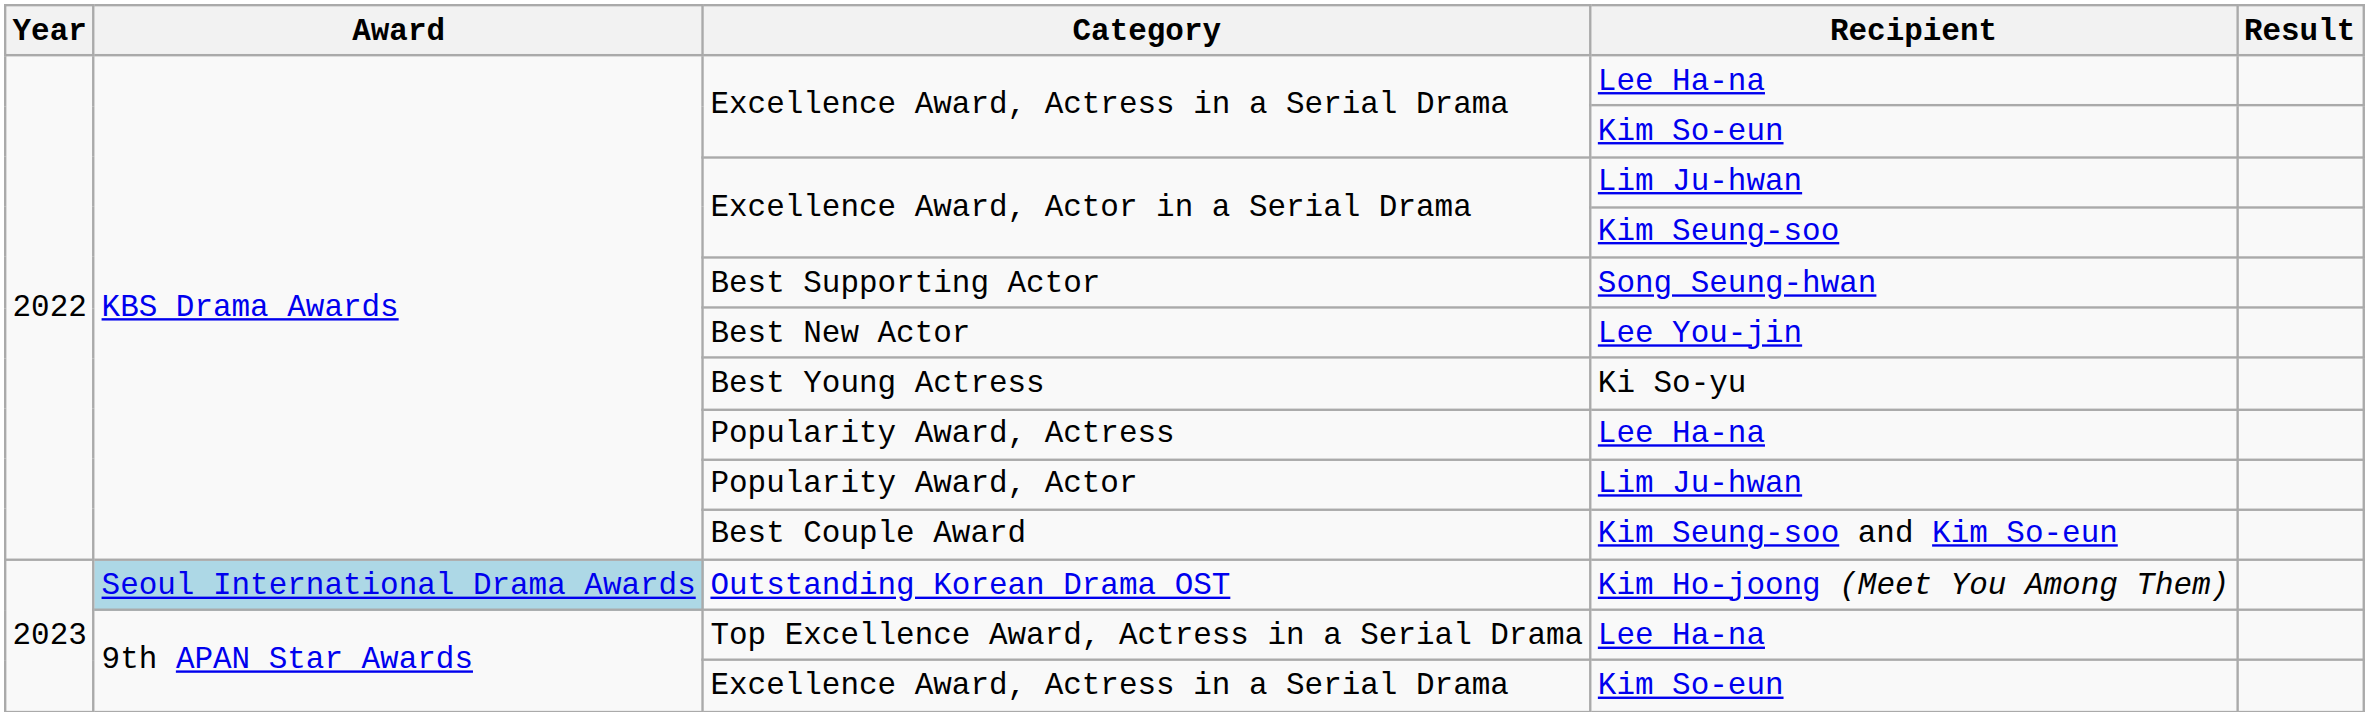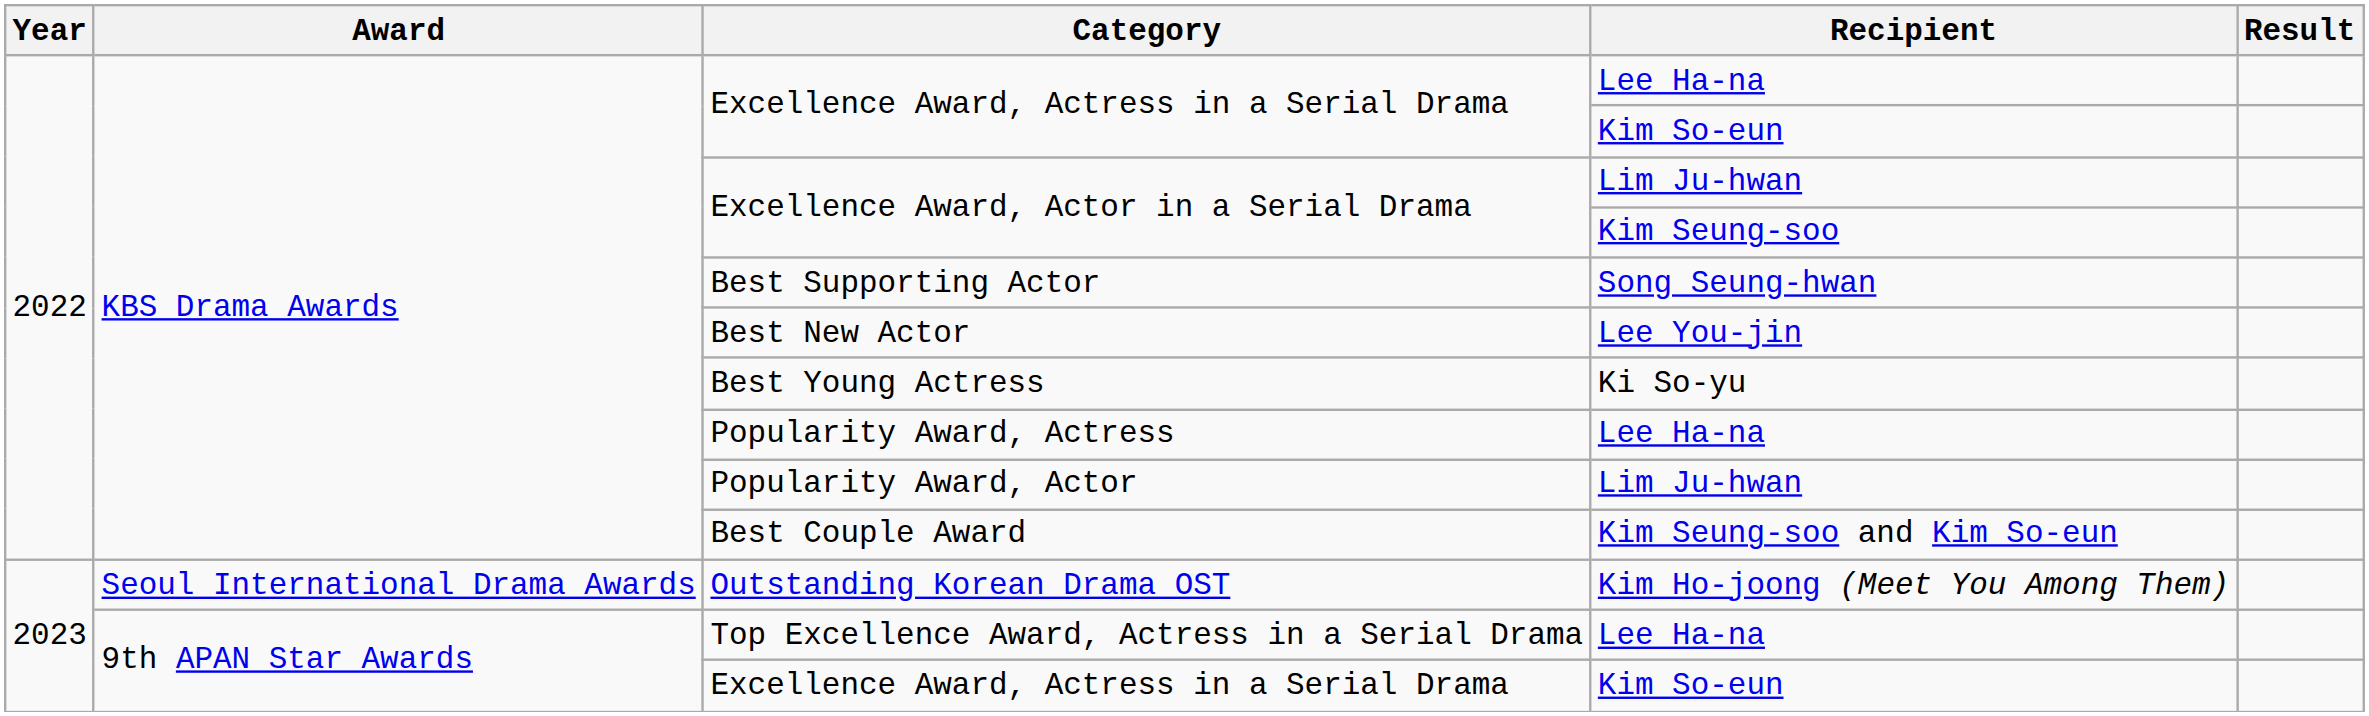 <table class="wikitable">
 <tr>
 <th scope="col">Year</th>
 <th>Award</th>
 <th scope="col">Category</th>
 <th>Recipient</th>
 <th scope="col">Result</th>
 </tr>
 <tr>
 <td rowspan="10">2022</td>
 <td rowspan="10"><a href='#'>KBS Drama Awards</a></td>
 <td rowspan="2">Excellence Award, Actress in a Serial Drama</td>
 <td><a href='#'>Lee Ha-na</a></td>
 <td></td>
 </tr>
 <tr>
 <td><a href='#'>Kim So-eun</a></td>
 <td></td>
 </tr>
 <tr>
 <td rowspan="2">Excellence Award, Actor in a Serial Drama</td>
 <td><a href='#'>Lim Ju-hwan</a></td>
 <td></td>
 </tr>
 <tr>
 <td><a href='#'>Kim Seung-soo</a></td>
 <td></td>
 </tr>
 <tr>
 <td>Best Supporting Actor</td>
 <td><a href='#'>Song Seung-hwan</a></td>
 <td></td>
 </tr>
 <tr>
 <td>Best New Actor</td>
 <td><a href='#'>Lee You-jin</a></td>
 <td></td>
 </tr>
 <tr>
 <td>Best Young Actress</td>
 <td>Ki So-yu</td>
 <td></td>
 </tr>
 <tr>
 <td>Popularity Award, Actress</td>
 <td><a href='#'>Lee Ha-na</a></td>
 <td></td>
 </tr>
 <tr>
 <td>Popularity Award, Actor</td>
 <td><a href='#'>Lim Ju-hwan</a></td>
 <td></td>
 </tr>
 <tr>
 <td>Best Couple Award</td>
 <td><a href='#'>Kim Seung-soo</a> and <a href='#'>Kim So-eun</a></td>
 <td></td>
 </tr>
 <tr>
 <td rowspan="3">2023</td>
-<td style="background: lightblue;"><a href='#'>Seoul International Drama Awards</a></td>
+<td><a href='#'>Seoul International Drama Awards</a></td>
 <td><a href='#'>Outstanding Korean Drama OST</a></td>
 <td><a href='#'>Kim Ho-joong</a> <em>(Meet You Among Them)</em></td>
 <td></td>
 </tr>
 <tr>
 <td rowspan="2">9th <a href='#'>APAN Star Awards</a></td>
 <td>Top Excellence Award, Actress in a Serial Drama</td>
 <td><a href='#'>Lee Ha-na</a></td>
 <td></td>
 </tr>
 <tr>
 <td>Excellence Award, Actress in a Serial Drama</td>
 <td><a href='#'>Kim So-eun</a></td>
 <td></td>
 </tr>
 </table>
